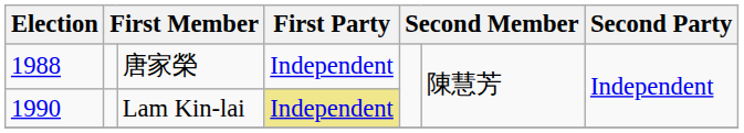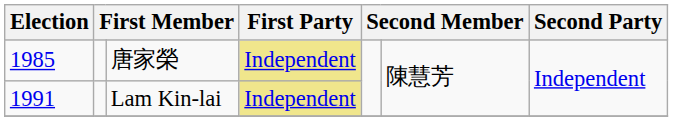 <table class="wikitable">
 <tr>
 <th>Election</th>
 <th colspan="2">First Member</th>
 <th>First Party</th>
 <th colspan="2">Second Member</th>
 <th>Second Party</th>
 </tr>
 <tr>
-<td><a href='#'>1988</a></td>
+<td><a href='#'>1985</a></td>
 <td style="background-color: "></td>
 <td>唐家榮</td>
-<td><a href='#'>Independent</a></td>
+<td style="background: khaki;"><a href='#'>Independent</a></td>
 <td rowspan=2 style="background-color: "></td>
 <td rowspan=2>陳慧芳</td>
 <td rowspan="2"><a href='#'>Independent</a></td>
 </tr>
 <tr>
-<td><a href='#'>1990</a></td>
+<td><a href='#'>1991</a></td>
 <td style="background-color: "></td>
 <td>Lam Kin-lai</td>
 <td style="background: khaki;"><a href='#'>Independent</a></td>
 </tr>
 <tr>
 </tr>
 </table>
